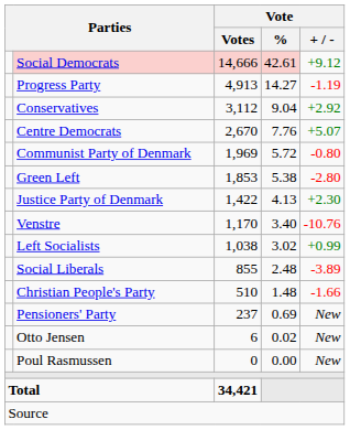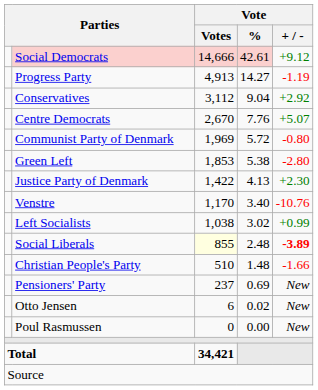 <table class="wikitable" style="text-align:right;">
 <tr>
 <th style="text-align:centre;" rowspan="2" colspan="2" width="225">Parties</th>
 <th colspan="3">Vote</th>
 </tr>
 <tr>
 <th width="15">Votes</th>
 <th width="15">%</th>
 <th width="15">+ / -</th>
 </tr>
 <tr>
 <td width="2" style="color:inherit;background:"></td>
 <td bgcolor=#fbd0ce  align="left"><a href='#'>Social Democrats</a></td>
 <td bgcolor=#fbd0ce>14,666</td>
 <td bgcolor=#fbd0ce>42.61</td>
 <td style=color:green;>+9.12</td>
 </tr>
 <tr>
 <td width="2" style="color:inherit;background:"></td>
 <td align="left"><a href='#'>Progress Party</a></td>
 <td>4,913</td>
 <td>14.27</td>
 <td style=color:red;>-1.19</td>
 </tr>
 <tr>
 <td width="2" style="color:inherit;background:"></td>
 <td align="left"><a href='#'>Conservatives</a></td>
 <td>3,112</td>
 <td>9.04</td>
 <td style=color:green;>+2.92</td>
 </tr>
 <tr>
 <td width="2" style="color:inherit;background:"></td>
 <td align="left"><a href='#'>Centre Democrats</a></td>
 <td>2,670</td>
 <td>7.76</td>
 <td style=color:green;>+5.07</td>
 </tr>
 <tr>
 <td width="2" style="color:inherit;background:"></td>
 <td align="left"><a href='#'>Communist Party of Denmark</a></td>
 <td>1,969</td>
 <td>5.72</td>
 <td style=color:red;>-0.80</td>
 </tr>
 <tr>
 <td width="2" style="color:inherit;background:"></td>
 <td align="left"><a href='#'>Green Left</a></td>
 <td>1,853</td>
 <td>5.38</td>
 <td style=color:red;>-2.80</td>
 </tr>
 <tr>
 <td width="2" style="color:inherit;background:"></td>
 <td align="left"><a href='#'>Justice Party of Denmark</a></td>
 <td>1,422</td>
 <td>4.13</td>
 <td style=color:green;>+2.30</td>
 </tr>
 <tr>
 <td width="2" style="color:inherit;background:"></td>
 <td align="left"><a href='#'>Venstre</a></td>
 <td>1,170</td>
 <td>3.40</td>
 <td style=color:red;>-10.76</td>
 </tr>
 <tr>
 <td width="2" style="color:inherit;background:"></td>
 <td align="left"><a href='#'>Left Socialists</a></td>
 <td>1,038</td>
 <td>3.02</td>
 <td style=color:green;>+0.99</td>
 </tr>
 <tr>
 <td width="2" style="color:inherit;background:"></td>
 <td align="left"><a href='#'>Social Liberals</a></td>
-<td>855</td>
+<td style="background: lightyellow;">855</td>
 <td>2.48</td>
-<td style=color:red;>-3.89</td>
+<td style=color:red;><strong>-3.89</strong></td>
 </tr>
 <tr>
 <td width="2" style="color:inherit;background:"></td>
 <td align="left"><a href='#'>Christian People's Party</a></td>
 <td>510</td>
 <td>1.48</td>
 <td style=color:red;>-1.66</td>
 </tr>
 <tr>
 <td width="2" style="color:inherit;background:"></td>
 <td align="left"><a href='#'>Pensioners' Party</a></td>
 <td>237</td>
 <td>0.69</td>
 <td><em>New</em></td>
 </tr>
 <tr>
 <td width="2" style="color:inherit;background:"></td>
 <td align="left">Otto Jensen</td>
 <td>6</td>
 <td>0.02</td>
 <td><em>New</em></td>
 </tr>
 <tr>
 <td width="2" style="color:inherit;background:"></td>
 <td align="left">Poul Rasmussen</td>
 <td>0</td>
 <td>0.00</td>
 <td><em>New</em></td>
 </tr>
 <tr>
 <td colspan="7" bgcolor="#E9E9E9"></td>
 </tr>
 <tr>
 <td align="left" colspan="2"><strong>Total</strong></td>
 <td><strong>34,421</strong></td>
 <td bgcolor="#E9E9E9" colspan="2"></td>
 </tr>
 <tr>
 <td align="left" colspan="6">Source</td>
 </tr>
 </table>
